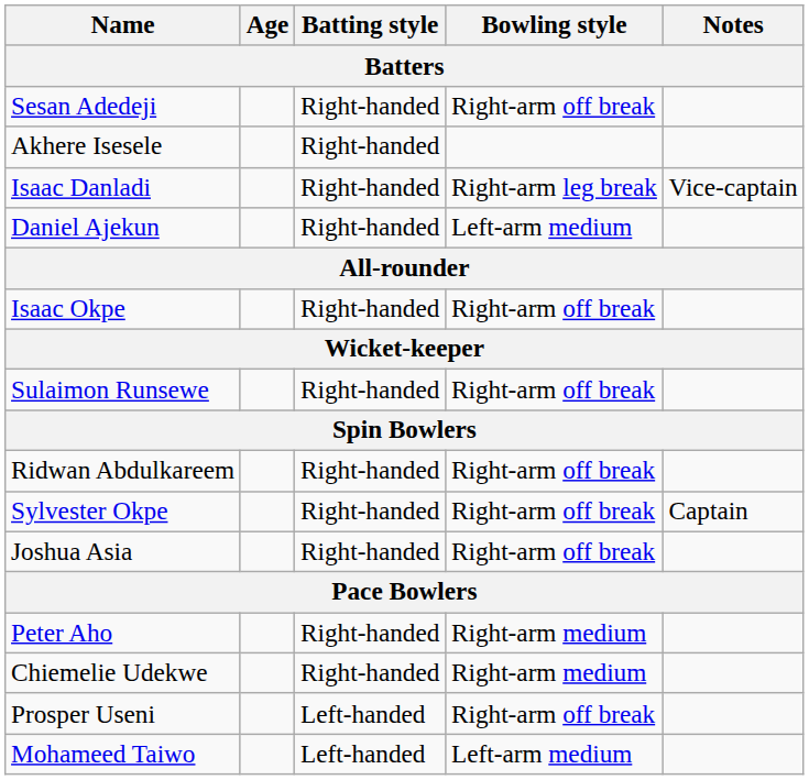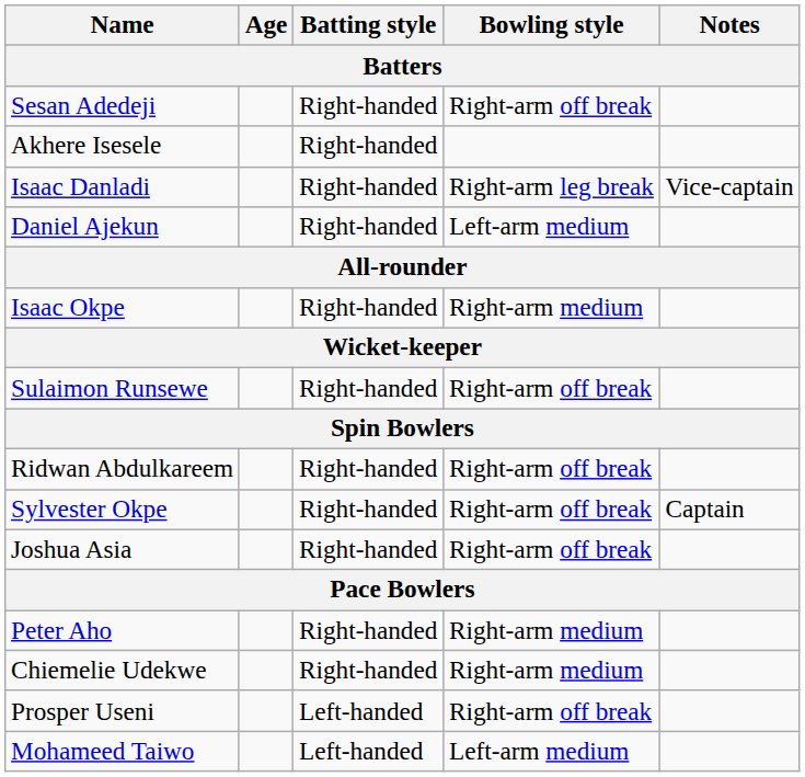 <table class="wikitable">
 <tr>
 <th style="text-align:center;">Name</th>
 <th style="text-align:center;">Age</th>
 <th style="text-align:center;">Batting style</th>
 <th style="text-align:center;">Bowling style</th>
 <th style="text-align:center;">Notes</th>
 </tr>
 <tr>
 <th colspan="5">Batters</th>
 </tr>
 <tr>
 <td><a href='#'>Sesan Adedeji</a></td>
 <td></td>
 <td>Right-handed</td>
 <td>Right-arm <a href='#'>off break</a></td>
 <td></td>
 </tr>
 <tr>
 <td>Akhere Isesele</td>
 <td></td>
 <td>Right-handed</td>
 <td></td>
 <td></td>
 </tr>
 <tr>
 <td><a href='#'>Isaac Danladi</a></td>
 <td></td>
 <td>Right-handed</td>
 <td>Right-arm <a href='#'>leg break</a></td>
 <td>Vice-captain</td>
 </tr>
 <tr>
 <td><a href='#'>Daniel Ajekun</a></td>
 <td></td>
 <td>Right-handed</td>
 <td>Left-arm <a href='#'>medium</a></td>
 <td></td>
 </tr>
 <tr>
 <th colspan="5">All-rounder</th>
 </tr>
 <tr>
 <td><a href='#'>Isaac Okpe</a></td>
 <td></td>
 <td>Right-handed</td>
-<td>Right-arm <a href='#'>off break</a></td>
+<td>Right-arm <a href='#'>medium</a></td>
 <td></td>
 </tr>
 <tr>
 <th colspan="5">Wicket-keeper</th>
 </tr>
 <tr>
 <td><a href='#'>Sulaimon Runsewe</a></td>
 <td></td>
 <td>Right-handed</td>
 <td>Right-arm <a href='#'>off break</a></td>
 <td></td>
 </tr>
 <tr>
 <th colspan="5">Spin Bowlers</th>
 </tr>
 <tr>
 <td>Ridwan Abdulkareem</td>
 <td></td>
 <td>Right-handed</td>
 <td>Right-arm <a href='#'>off break</a></td>
 <td></td>
 </tr>
 <tr>
 <td><a href='#'>Sylvester Okpe</a></td>
 <td></td>
 <td>Right-handed</td>
 <td>Right-arm <a href='#'>off break</a></td>
 <td>Captain</td>
 </tr>
 <tr>
 <td>Joshua Asia</td>
 <td></td>
 <td>Right-handed</td>
 <td>Right-arm <a href='#'>off break</a></td>
 <td></td>
 </tr>
 <tr>
 <th colspan="5">Pace Bowlers</th>
 </tr>
 <tr>
 <td><a href='#'>Peter Aho</a></td>
 <td></td>
 <td>Right-handed</td>
 <td>Right-arm <a href='#'>medium</a></td>
 <td></td>
 </tr>
 <tr>
 <td>Chiemelie Udekwe</td>
 <td></td>
 <td>Right-handed</td>
 <td>Right-arm <a href='#'>medium</a></td>
 <td></td>
 </tr>
 <tr>
 <td>Prosper Useni</td>
 <td></td>
 <td>Left-handed</td>
 <td>Right-arm <a href='#'>off break</a></td>
 <td></td>
 </tr>
 <tr>
 <td><a href='#'>Mohameed Taiwo</a></td>
 <td></td>
 <td>Left-handed</td>
 <td>Left-arm <a href='#'>medium</a></td>
 <td></td>
 </tr>
 </table>
